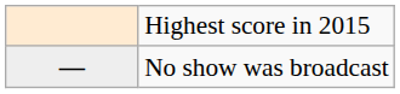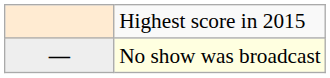 <table class="wikitable">
 <tr>
 <th width="75px" style="background:#FFEBD2; text-align:center" scope="row"></th>
 <td>Highest score in 2015</td>
 </tr>
 <tr>
 <th width="75px" style="background:#eee; text-align:center" scope="row">—</th>
-<td>No show was broadcast</td>
+<td style="background: lightyellow;">No show was broadcast</td>
 </tr>
 </table>
